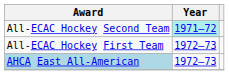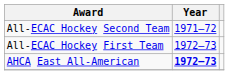 <table class="wikitable">
 <tr>
 <th>Award</th>
 <th>Year</th>
 <th></th>
 </tr>
 <tr>
 <td>All-<a href='#'>ECAC Hockey</a> <a href='#'>Second Team</a></td>
-<td style="background: paleturquoise;"><a href='#'>1971–72</a></td>
+<td><a href='#'>1971–72</a></td>
 <td></td>
 </tr>
 <tr>
 <td>All-<a href='#'>ECAC Hockey</a> <a href='#'>First Team</a></td>
 <td><a href='#'>1972–73</a></td>
 <td></td>
 </tr>
 <tr>
-<td style="background: lightblue;"><a href='#'>AHCA</a> <a href='#'>East All-American</a></td>
-<td><a href='#'>1972–73</a></td>
+<td><a href='#'>AHCA</a> <a href='#'>East All-American</a></td>
+<td><strong><a href='#'>1972–73</a></strong></td>
 <td></td>
 </tr>
 <tr>
 </tr>
 </table>
